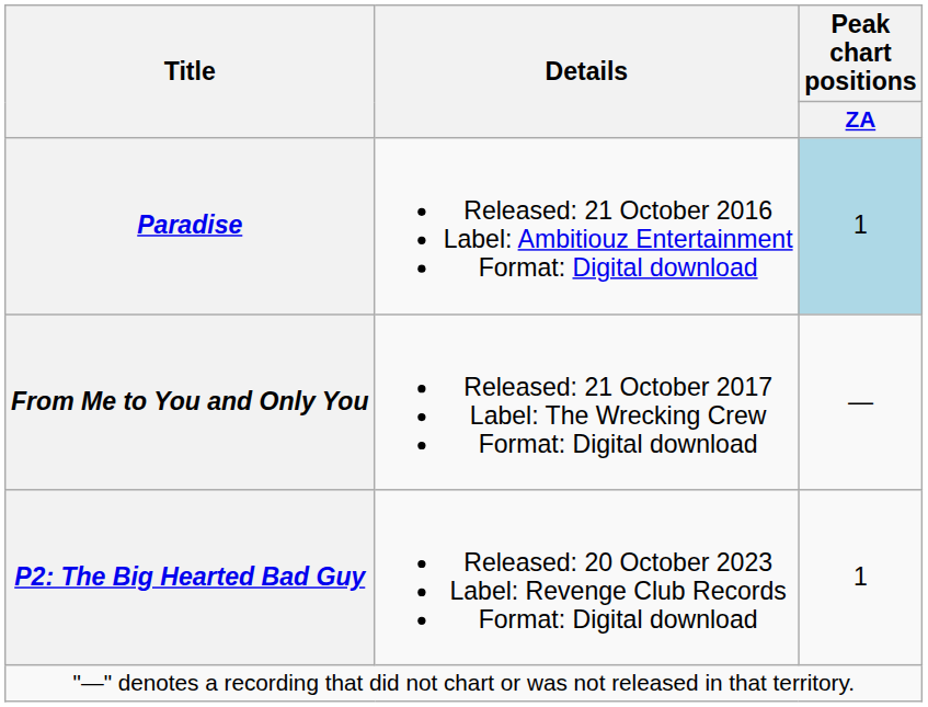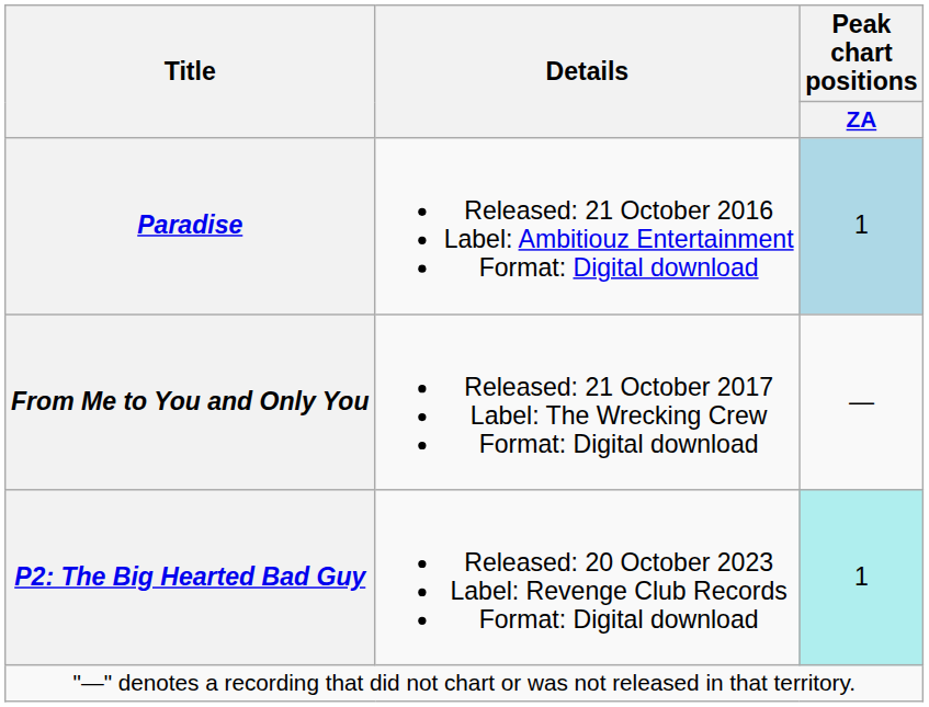 <table class="wikitable plainrowheaders" style="text-align:center;">
 <tr>
 <th scope="col" rowspan="2">Title</th>
 <th scope="col" rowspan="2">Details</th>
 <th scope="col" colspan="1">Peak chart positions</th>
 </tr>
 <tr>
 <th scope="col" style="width:3em;font-size:90%;"><a href='#'>ZA</a><br></th>
 </tr>
 <tr>
 <th scope="row"><em><a href='#'>Paradise</a></em></th>
 <td><br><ul><li>Released: 21 October 2016</li><li>Label: <a href='#'>Ambitiouz Entertainment</a></li><li>Format: <a href='#'>Digital download</a></li></ul></td>
 <td style="background: lightblue;">1</td>
 </tr>
 <tr>
 <th scope="row"><em>From Me to You and Only You</em></th>
 <td><br><ul><li>Released: 21 October 2017</li><li>Label: The Wrecking Crew</li><li>Format: Digital download</li></ul></td>
 <td>—</td>
 </tr>
 <tr>
 <th scope="row"><em><a href='#'>P2: The Big Hearted Bad Guy</a></em></th>
 <td><br><ul><li>Released: 20 October 2023</li><li>Label: Revenge Club Records</li><li>Format: Digital download</li></ul></td>
-<td>1</td>
+<td style="background: paleturquoise;">1</td>
 </tr>
 <tr>
 <td colspan="8" style="font-size:90%">"—" denotes a recording that did not chart or was not released in that territory.</td>
 </tr>
 </table>
